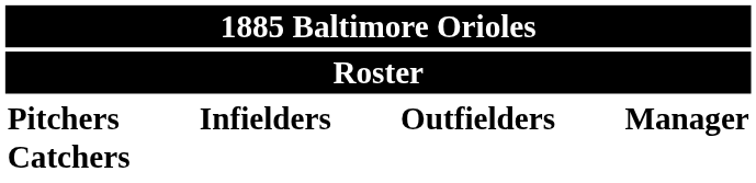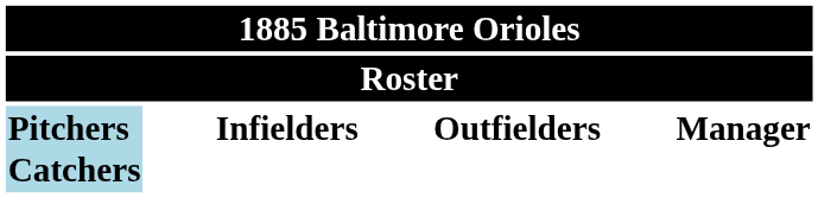 <table class="toccolours" style="font-size: 95%;">
 <tr>
 <th colspan="10" style="background-color: black; color: white; text-align: center;">1885 Baltimore Orioles</th>
 </tr>
 <tr>
 <td colspan="10" style="background-color:black; color: white; text-align: center;"><strong>Roster</strong></td>
 </tr>
 <tr>
-<td valign="top"><strong>Pitchers</strong><br>       <strong>Catchers</strong>     </td>
+<td valign="top" style="background: lightblue;"><strong>Pitchers</strong><br>       <strong>Catchers</strong>     </td>
 <td width="25px"></td>
 <td valign="top"><strong>Infielders</strong><br>          </td>
 <td width="25px"></td>
 <td valign="top"><strong>Outfielders</strong><br>        </td>
 <td width="25px"></td>
 <td valign="top"><strong>Manager</strong><br></td>
 </tr>
 </table>
